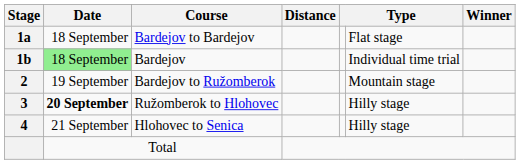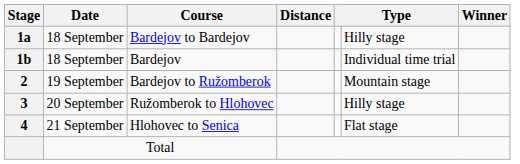 <table class="wikitable">
 <tr>
 <th scope="col">Stage</th>
 <th scope="col">Date</th>
 <th scope="col">Course</th>
 <th scope="col">Distance</th>
 <th scope="col" colspan="2">Type</th>
 <th scope="col">Winner</th>
 </tr>
 <tr>
 <th scope="row">1a</th>
 <td style="text-align:right">18 September</td>
 <td><a href='#'>Bardejov</a> to Bardejov</td>
 <td style="text-align:center;"></td>
 <td></td>
-<td>Flat stage</td>
+<td>Hilly stage</td>
 <td></td>
 </tr>
 <tr>
 <th scope="row">1b</th>
-<td style="background: lightgreen; text-align:right">18 September</td>
+<td style="text-align:right">18 September</td>
 <td>Bardejov</td>
 <td style="text-align:center;"></td>
 <td></td>
 <td>Individual time trial</td>
 <td></td>
 </tr>
 <tr>
 <th scope="row">2</th>
 <td style="text-align:right">19 September</td>
 <td>Bardejov to <a href='#'>Ružomberok</a></td>
 <td style="text-align:center;"></td>
 <td></td>
 <td>Mountain stage</td>
 <td></td>
 </tr>
 <tr>
 <th scope="row">3</th>
-<td style="text-align:right"><strong>20 September</strong></td>
+<td style="text-align:right">20 September</td>
 <td>Ružomberok to <a href='#'>Hlohovec</a></td>
 <td style="text-align:center;"></td>
 <td></td>
 <td>Hilly stage</td>
 <td></td>
 </tr>
 <tr>
 <th scope="row">4</th>
 <td style="text-align:right">21 September</td>
 <td>Hlohovec to <a href='#'>Senica</a></td>
 <td style="text-align:center;"></td>
 <td></td>
-<td>Hilly stage</td>
+<td>Flat stage</td>
 <td></td>
 </tr>
 <tr>
 <th scope="row"></th>
 <td style="text-align:center" colspan="2">Total</td>
 <td style="text-align:center" colspan="5"></td>
 </tr>
 </table>
